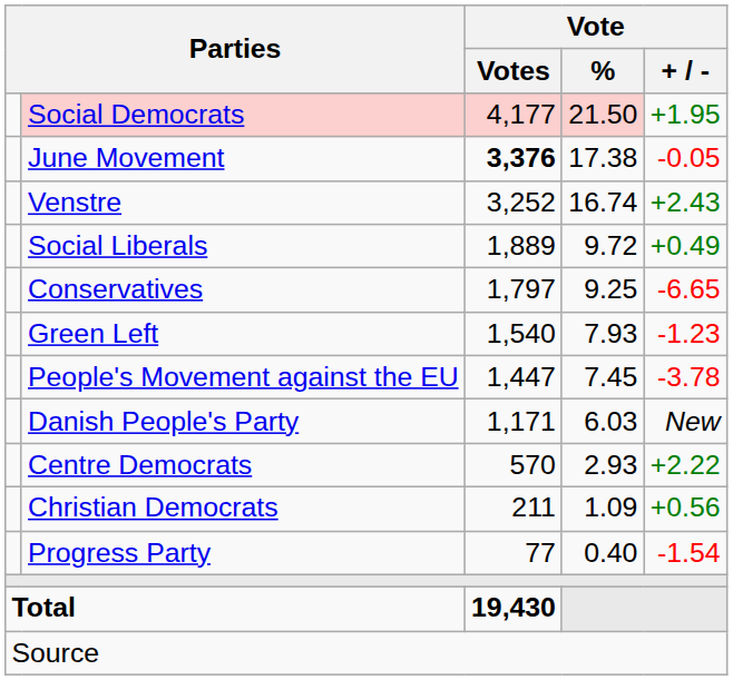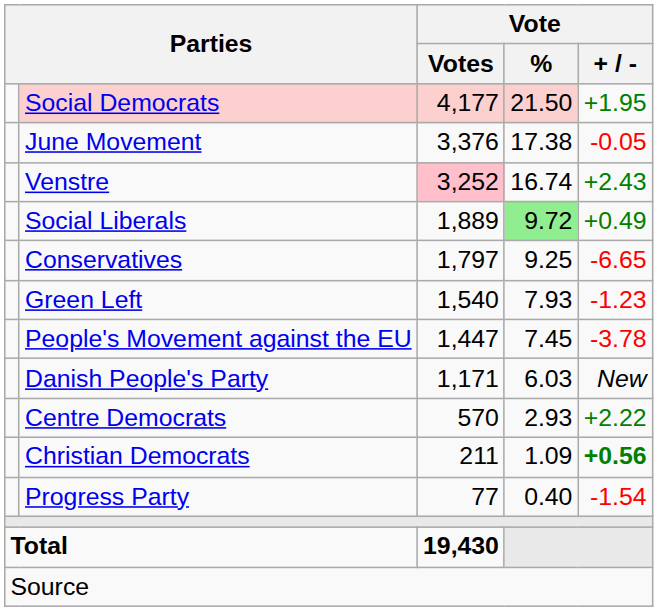 <table class="wikitable" style="text-align:right;">
 <tr>
 <th style="text-align:centre;" rowspan="2" colspan="2" width="225">Parties</th>
 <th colspan="3">Vote</th>
 </tr>
 <tr>
 <th width="15">Votes</th>
 <th width="15">%</th>
 <th width="15">+ / -</th>
 </tr>
 <tr>
 <td width="2" style="color:inherit;background:"></td>
 <td bgcolor=#fbd0ce   align="left"><a href='#'>Social Democrats</a></td>
 <td bgcolor=#fbd0ce>4,177</td>
 <td bgcolor=#fbd0ce>21.50</td>
 <td style=color:green;>+1.95</td>
 </tr>
 <tr>
 <td width="2" style="color:inherit;background:"></td>
 <td align="left"><a href='#'>June Movement</a></td>
-<td><strong>3,376</strong></td>
+<td>3,376</td>
 <td>17.38</td>
 <td style=color:red;>-0.05</td>
 </tr>
 <tr>
 <td width="2" style="color:inherit;background:"></td>
 <td align="left"><a href='#'>Venstre</a></td>
-<td>3,252</td>
+<td style="background: pink;">3,252</td>
 <td>16.74</td>
 <td style=color:green;>+2.43</td>
 </tr>
 <tr>
 <td width="2" style="color:inherit;background:"></td>
 <td align="left"><a href='#'>Social Liberals</a></td>
 <td>1,889</td>
-<td>9.72</td>
+<td style="background: lightgreen;">9.72</td>
 <td style=color:green;>+0.49</td>
 </tr>
 <tr>
 <td width="2" style="color:inherit;background:"></td>
 <td align="left"><a href='#'>Conservatives</a></td>
 <td>1,797</td>
 <td>9.25</td>
 <td style=color:red;>-6.65</td>
 </tr>
 <tr>
 <td width="2" style="color:inherit;background:"></td>
 <td align="left"><a href='#'>Green Left</a></td>
 <td>1,540</td>
 <td>7.93</td>
 <td style=color:red;>-1.23</td>
 </tr>
 <tr>
 <td width="2" style="color:inherit;background:"></td>
 <td align="left"><a href='#'>People's Movement against the EU</a></td>
 <td>1,447</td>
 <td>7.45</td>
 <td style=color:red;>-3.78</td>
 </tr>
 <tr>
 <td width="2" style="color:inherit;background:"></td>
 <td align="left"><a href='#'>Danish People's Party</a></td>
 <td>1,171</td>
 <td>6.03</td>
 <td><em>New</em></td>
 </tr>
 <tr>
 <td width="2" style="color:inherit;background:"></td>
 <td align="left"><a href='#'>Centre Democrats</a></td>
 <td>570</td>
 <td>2.93</td>
 <td style=color:green;>+2.22</td>
 </tr>
 <tr>
 <td width="2" style="color:inherit;background:"></td>
 <td align="left"><a href='#'>Christian Democrats</a></td>
 <td>211</td>
 <td>1.09</td>
-<td style=color:green;>+0.56</td>
+<td style=color:green;><strong>+0.56</strong></td>
 </tr>
 <tr>
 <td width="2" style="color:inherit;background:"></td>
 <td align="left"><a href='#'>Progress Party</a></td>
 <td>77</td>
 <td>0.40</td>
 <td style=color:red;>-1.54</td>
 </tr>
 <tr>
 <td colspan="7" bgcolor="#E9E9E9"></td>
 </tr>
 <tr>
 <td align="left" colspan="2"><strong>Total</strong></td>
 <td><strong>19,430</strong></td>
 <td bgcolor="#E9E9E9" colspan="2"></td>
 </tr>
 <tr>
 <td align="left" colspan="6">Source</td>
 </tr>
 </table>
